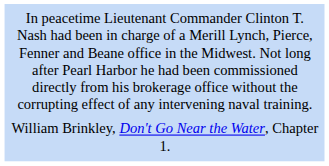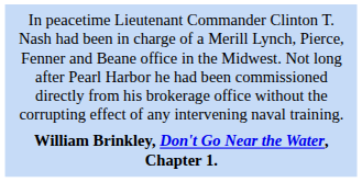 <table class="toccolours" style="float: right; margin-left: 0em; margin-right: 1em; font-size: 85%; background:#c6dbf7; color:black; width:22em; max-width:40%" cellspacing="5">
 <tr>
 <td align="center">In peacetime Lieutenant Commander Clinton T. Nash had been in charge of a Merill Lynch, Pierce, Fenner and Beane office in the Midwest. Not long after Pearl Harbor he had been commissioned directly from his brokerage office without the corrupting effect of any intervening naval training.</td>
 </tr>
 <tr>
-<td align="center">William Brinkley, <em><a href='#'>Don't Go Near the Water</a></em>, Chapter 1.</td>
+<td align="center"><strong>William Brinkley, <em><a href='#'>Don't Go Near the Water</a></em>, Chapter 1.</strong></td>
 </tr>
 </table>
